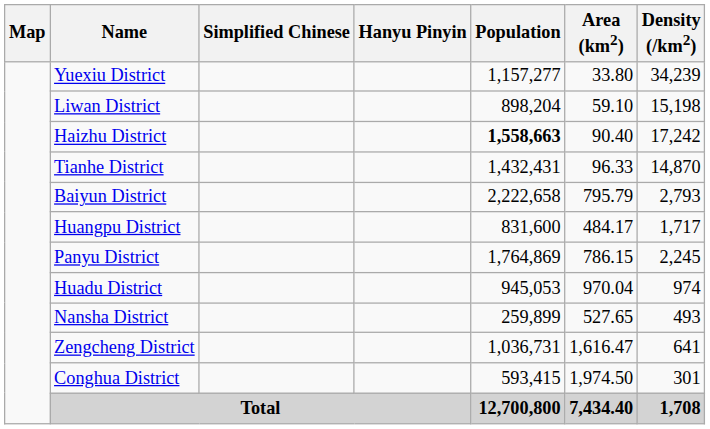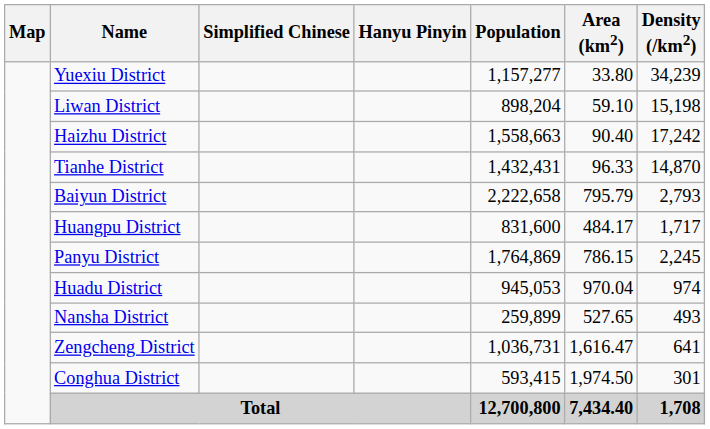 <table class="wikitable" style="font-size:90%;">
 <tr>
 <th>Map</th>
 <th>Name</th>
 <th>Simplified Chinese</th>
 <th>Hanyu Pinyin</th>
 <th>Population<br></th>
 <th>Area<br>(km<sup>2</sup>)</th>
 <th>Density<br>(/km<sup>2</sup>)</th>
 </tr>
 <tr>
 <td rowspan="12"><div><br>             </div></td>
 <td><a href='#'>Yuexiu District</a></td>
 <td style="white-space:nowrap;"></td>
 <td></td>
 <td style="text-align:right;">1,157,277</td>
 <td style="text-align:right;">33.80</td>
 <td style="text-align:right;">34,239</td>
 </tr>
 <tr>
 <td><a href='#'>Liwan District</a></td>
 <td style="white-space:nowrap;"></td>
 <td></td>
 <td style="text-align:right;">898,204</td>
 <td style="text-align:right;">59.10</td>
 <td style="text-align:right;">15,198</td>
 </tr>
 <tr>
 <td><a href='#'>Haizhu District</a></td>
 <td style="white-space:nowrap;"></td>
 <td></td>
-<td style="text-align:right;"><strong>1,558,663</strong></td>
+<td style="text-align:right;">1,558,663</td>
 <td style="text-align:right;">90.40</td>
 <td style="text-align:right;">17,242</td>
 </tr>
 <tr>
 <td><a href='#'>Tianhe District</a></td>
 <td style="white-space:nowrap;"></td>
 <td></td>
 <td style="text-align:right;">1,432,431</td>
 <td style="text-align:right;">96.33</td>
 <td style="text-align:right;">14,870</td>
 </tr>
 <tr>
 <td><a href='#'>Baiyun District</a></td>
 <td style="white-space:nowrap;"></td>
 <td></td>
 <td style="text-align:right;">2,222,658</td>
 <td style="text-align:right;">795.79</td>
 <td style="text-align:right;">2,793</td>
 </tr>
 <tr>
 <td><a href='#'>Huangpu District</a></td>
 <td style="white-space:nowrap;"></td>
 <td></td>
 <td style="text-align:right;">831,600</td>
 <td style="text-align:right;">484.17</td>
 <td style="text-align:right;">1,717</td>
 </tr>
 <tr>
 <td><a href='#'>Panyu District</a></td>
 <td style="white-space:nowrap;"></td>
 <td></td>
 <td style="text-align:right;">1,764,869</td>
 <td style="text-align:right;">786.15</td>
 <td style="text-align:right;">2,245</td>
 </tr>
 <tr>
 <td><a href='#'>Huadu District</a></td>
 <td style="white-space:nowrap;"></td>
 <td></td>
 <td style="text-align:right;">945,053</td>
 <td style="text-align:right;">970.04</td>
 <td style="text-align:right;">974</td>
 </tr>
 <tr>
 <td><a href='#'>Nansha District</a></td>
 <td style="white-space:nowrap;"></td>
 <td></td>
 <td style="text-align:right;">259,899</td>
 <td style="text-align:right;">527.65</td>
 <td style="text-align:right;">493</td>
 </tr>
 <tr>
 <td><a href='#'>Zengcheng District</a></td>
 <td style="white-space:nowrap;"></td>
 <td></td>
 <td style="text-align:right;">1,036,731</td>
 <td style="text-align:right;">1,616.47</td>
 <td style="text-align:right;">641</td>
 </tr>
 <tr>
 <td><a href='#'>Conghua District</a></td>
 <td style="white-space:nowrap;"></td>
 <td></td>
 <td style="text-align:right;">593,415</td>
 <td style="text-align:right;">1,974.50</td>
 <td style="text-align:right;">301</td>
 </tr>
 <tr style="background:#d3d3d3;">
 <td colspan="3" style="text-align:center; "><strong>Total</strong></td>
 <td style="text-align:right;"><strong>12,700,800</strong></td>
 <td style="text-align:right;"><strong>7,434.40</strong></td>
 <td style="text-align:right;"><strong>1,708</strong></td>
 </tr>
 </table>
